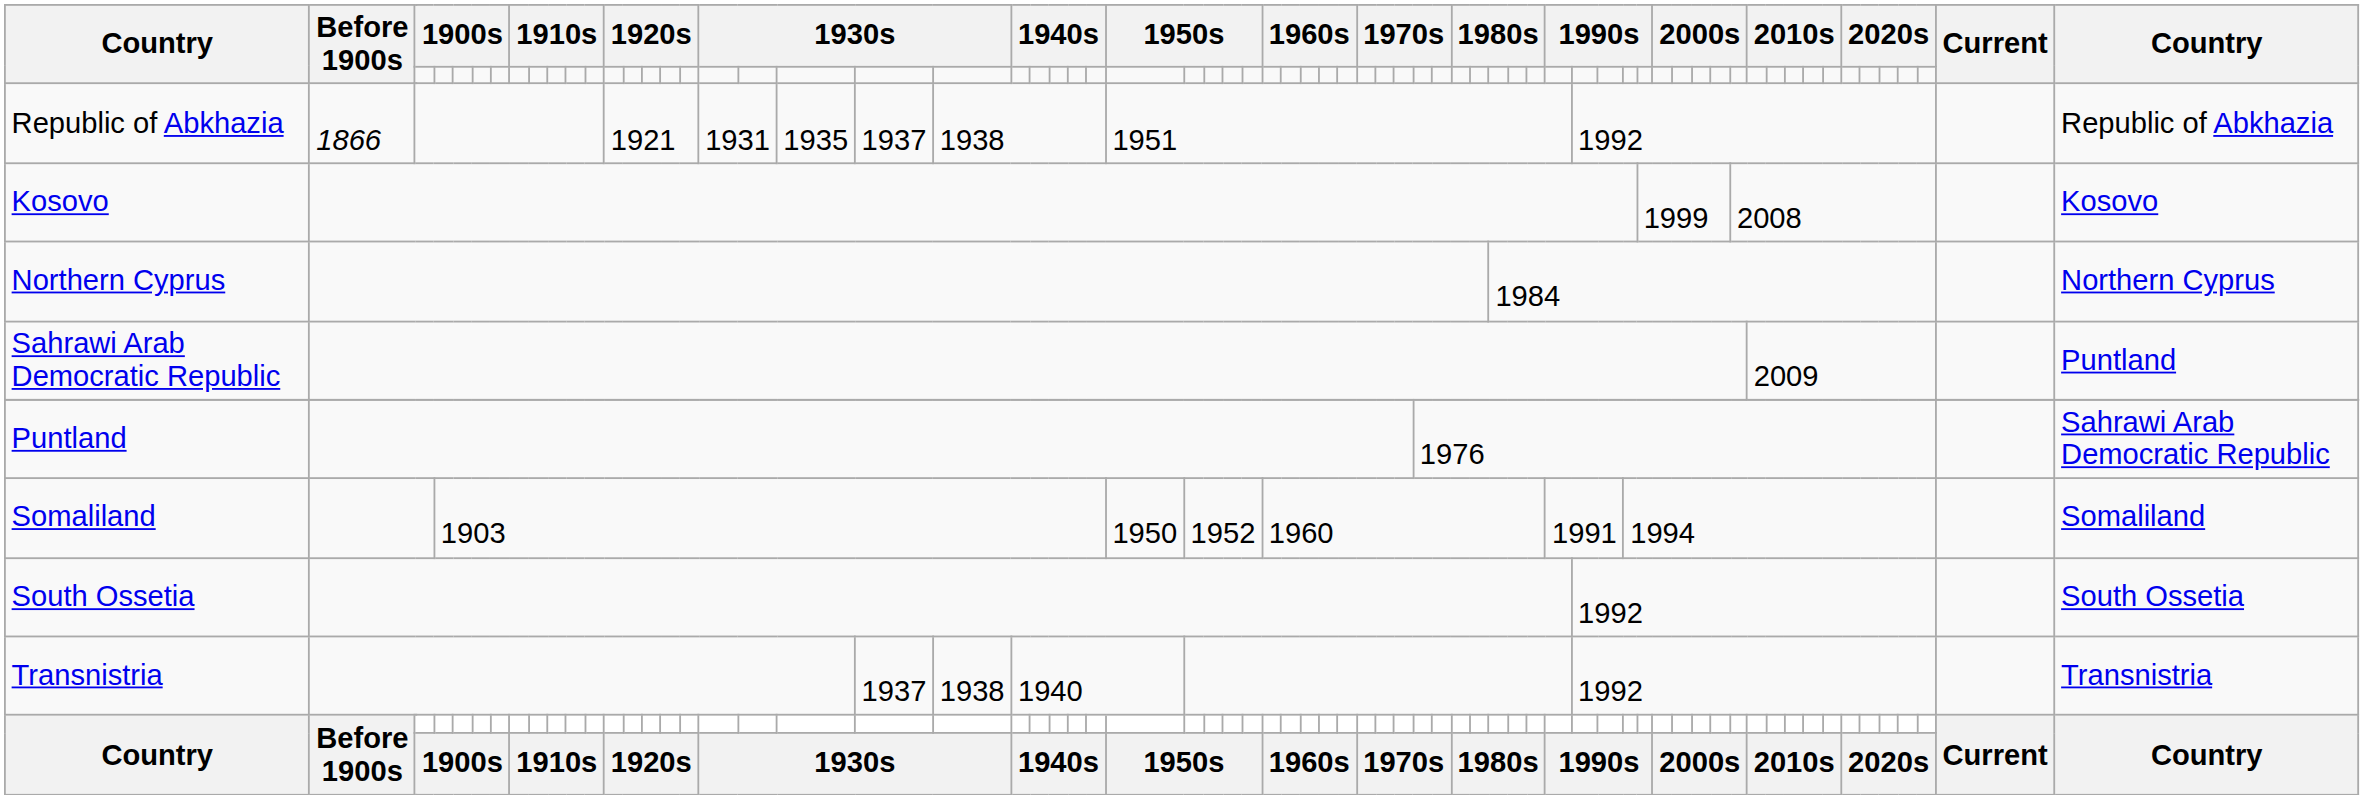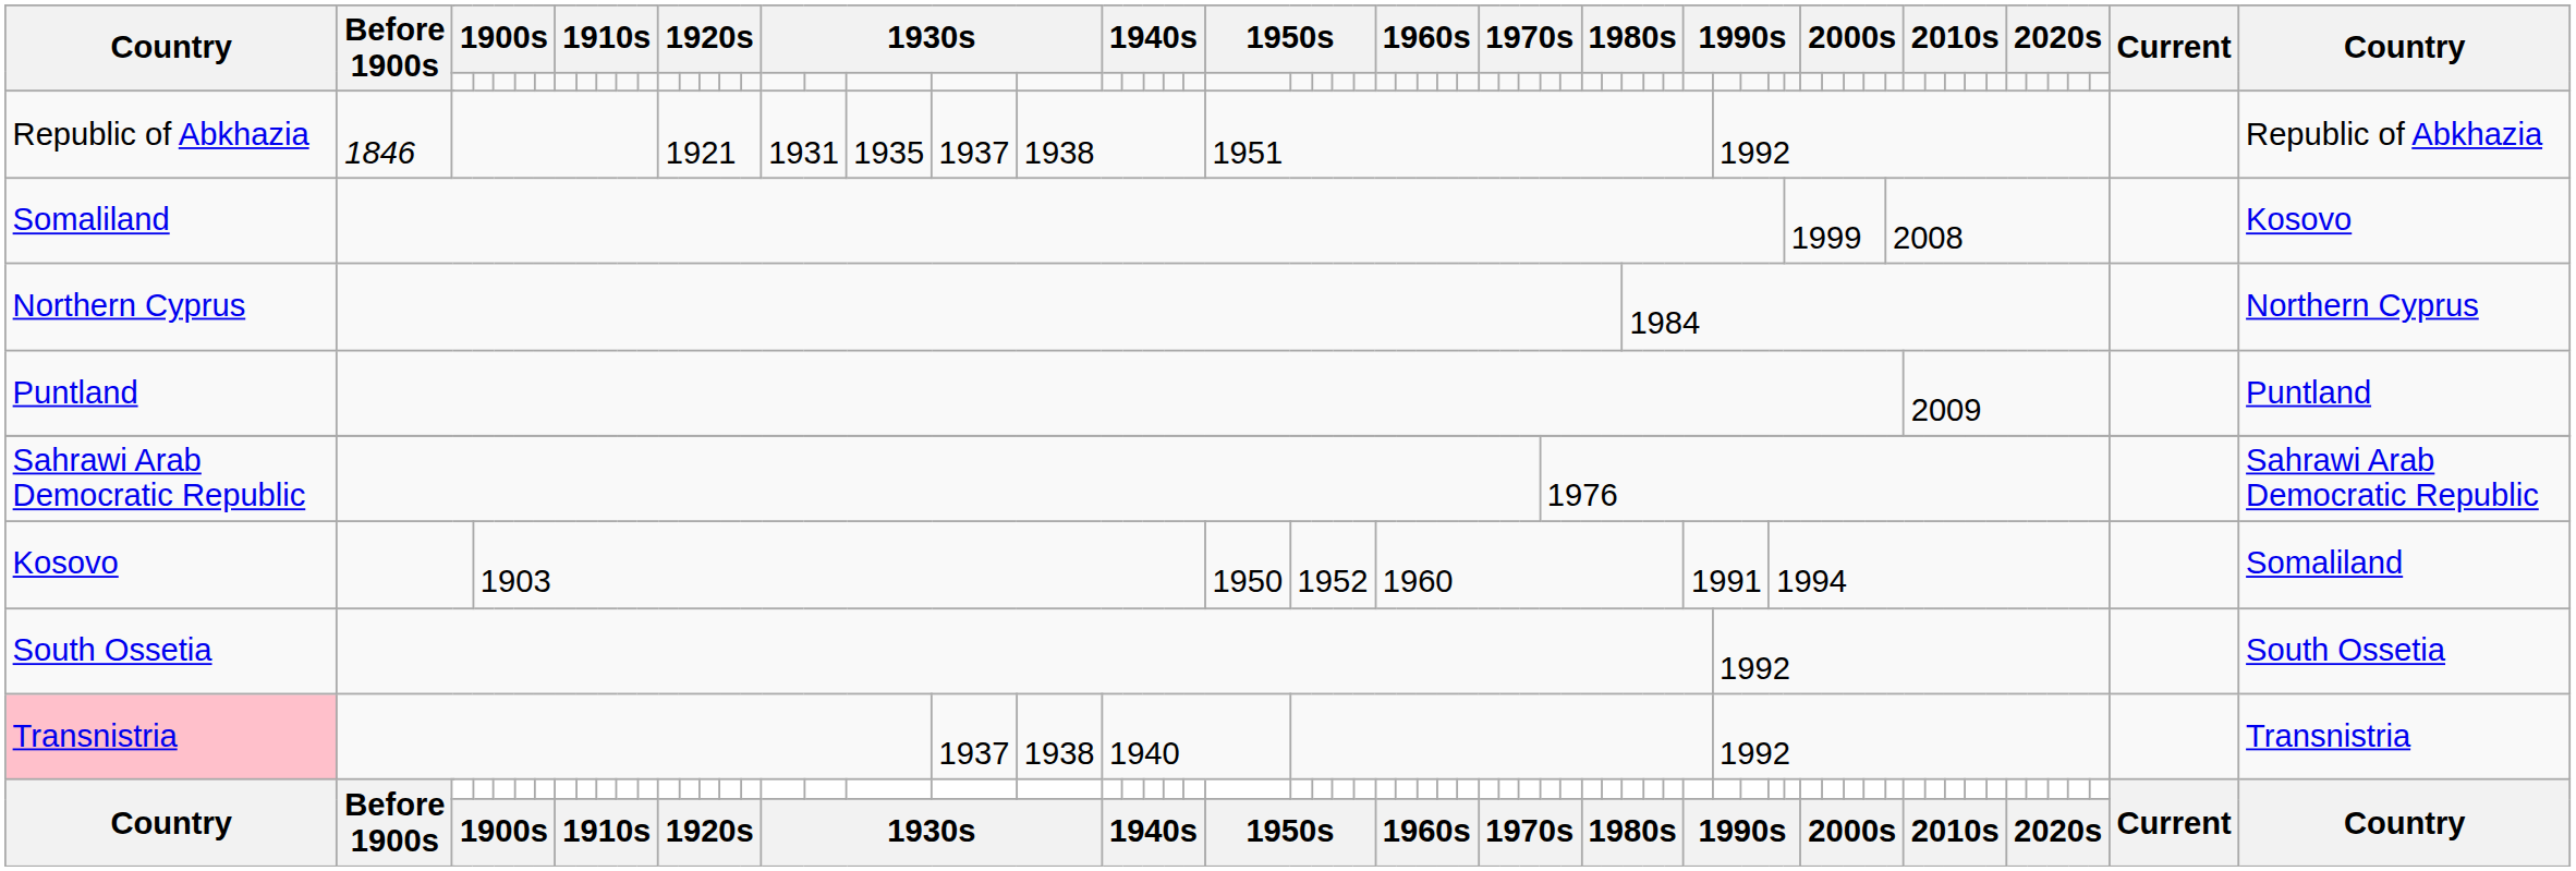 <table class="wikitable">
 <tr>
 <th rowspan=2>Country</th>
 <th rowspan=2 colspan=11>Before 1900s</th>
 <th colspan=5>1900s</th>
 <th colspan=5>1910s</th>
 <th colspan=5>1920s</th>
 <th colspan=5>1930s</th>
 <th colspan=5>1940s</th>
 <th colspan=5>1950s</th>
 <th colspan=5>1960s</th>
 <th colspan=5>1970s</th>
 <th colspan=5>1980s</th>
 <th colspan=5>1990s</th>
 <th colspan=5>2000s</th>
 <th colspan=5>2010s</th>
 <th colspan=5>2020s</th>
 <th rowspan=2>Current</th>
 <th rowspan=2>Country</th>
 </tr>
 <tr>
 <td></td>
 <td></td>
 <td></td>
 <td></td>
 <td></td>
 <td></td>
 <td></td>
 <td></td>
 <td></td>
 <td></td>
 <td></td>
 <td></td>
 <td></td>
 <td></td>
 <td></td>
 <td></td>
 <td></td>
 <td></td>
 <td></td>
 <td></td>
 <td></td>
 <td></td>
 <td></td>
 <td></td>
 <td></td>
 <td></td>
 <td></td>
 <td></td>
 <td></td>
 <td></td>
 <td></td>
 <td></td>
 <td></td>
 <td></td>
 <td></td>
 <td></td>
 <td></td>
 <td></td>
 <td></td>
 <td></td>
 <td></td>
 <td></td>
 <td></td>
 <td></td>
 <td></td>
 <td></td>
 <td></td>
 <td></td>
 <td></td>
 <td></td>
 <td></td>
 <td></td>
 <td></td>
 <td></td>
 <td></td>
 <td></td>
 <td></td>
 <td></td>
 <td></td>
 <td></td>
 <td></td>
 <td></td>
 <td></td>
 <td></td>
 <td></td>
 </tr>
 <tr>
 <td Flag of Abkhazia>Republic of <a href='#'>Abkhazia</a></td>
-<td colspan=1><em><br>1866</em></td>
+<td colspan=1><em><br>1846</em></td>
 <td colspan=20></td>
 <td colspan=5><br>1921</td>
 <td colspan=2><br>1931</td>
 <td colspan=1><br>1935</td>
 <td colspan=1><br>1937</td>
 <td colspan=6><br>1938</td>
 <td colspan=21><br>1951</td>
 <td colspan=19><br>1992</td>
 <td colspan=1></td>
 <td Flag of Abkhazia>Republic of <a href='#'>Abkhazia</a></td>
 </tr>
 <tr>
-<td><a href='#'>Kosovo</a></td>
+<td><a href='#'>Somaliland</a></td>
 <td colspan=60></td>
 <td colspan="5"><br>1999</td>
 <td colspan="11"><br>2008</td>
 <td></td>
 <td><a href='#'>Kosovo</a></td>
 </tr>
 <tr>
 <td><a href='#'>Northern Cyprus</a></td>
 <td colspan="53"></td>
 <td colspan=23><br>1984</td>
 <td></td>
 <td><a href='#'>Northern Cyprus</a></td>
 </tr>
 <tr>
-<td><a href='#'>Sahrawi Arab Democratic Republic</a></td>
+<td><a href='#'>Puntland</a></td>
 <td colspan=66></td>
 <td colspan="10"><br>2009</td>
 <td></td>
 <td><a href='#'>Puntland</a></td>
 </tr>
 <tr>
 </tr>
 <tr>
-<td><a href='#'>Puntland</a></td>
+<td><a href='#'>Sahrawi Arab Democratic Republic</a></td>
 <td colspan="49"></td>
 <td colspan="27"><br>1976</td>
 <td colspan="1"></td>
 <td><a href='#'>Sahrawi Arab Democratic Republic</a></td>
 </tr>
 <tr>
-<td><a href='#'>Somaliland</a></td>
+<td><a href='#'>Kosovo</a></td>
 <td colspan=12></td>
 <td colspan=24><br>1903</td>
 <td colspan=1><br>1950</td>
 <td colspan=4><br>1952</td>
 <td colspan=15><br>1960</td>
 <td colspan=3><br>1991</td>
 <td colspan=17><br>1994</td>
 <td></td>
 <td><a href='#'>Somaliland</a></td>
 </tr>
 <tr>
 <td><a href='#'>South Ossetia</a></td>
 <td colspan=57></td>
 <td colspan=19><br>1992</td>
 <td colspan=1></td>
 <td><a href='#'>South Ossetia</a></td>
 </tr>
 <tr>
-<td><a href='#'>Transnistria</a></td>
+<td style="background: pink;"><a href='#'>Transnistria</a></td>
 <td colspan=29></td>
 <td colspan=1><br>1937</td>
 <td colspan=1><br>1938</td>
 <td colspan=5 style="border-right: none;"><br>1940</td>
 <td colspan=1 style="border-left: none;"></td>
 <td colspan=20></td>
 <td colspan=19><br>1992</td>
 <td colspan=1></td>
 <td><a href='#'>Transnistria</a></td>
 </tr>
 <tr style="background:white">
 <th rowspan="2" style=min-width:10em>Country</th>
 <th rowspan=2 colspan=11>Before 1900s</th>
 <td></td>
 <td></td>
 <td></td>
 <td></td>
 <td></td>
 <td></td>
 <td></td>
 <td></td>
 <td></td>
 <td></td>
 <td></td>
 <td></td>
 <td></td>
 <td></td>
 <td></td>
 <td></td>
 <td></td>
 <td></td>
 <td></td>
 <td></td>
 <td></td>
 <td></td>
 <td></td>
 <td></td>
 <td></td>
 <td></td>
 <td></td>
 <td></td>
 <td></td>
 <td></td>
 <td></td>
 <td></td>
 <td></td>
 <td></td>
 <td></td>
 <td></td>
 <td></td>
 <td></td>
 <td></td>
 <td></td>
 <td></td>
 <td></td>
 <td></td>
 <td></td>
 <td></td>
 <td></td>
 <td></td>
 <td></td>
 <td></td>
 <td></td>
 <td></td>
 <td></td>
 <td></td>
 <td></td>
 <td></td>
 <td></td>
 <td></td>
 <td></td>
 <td></td>
 <td></td>
 <td></td>
 <td></td>
 <td></td>
 <td></td>
 <td></td>
 <th rowspan=2>Current</th>
 <th rowspan="2" style=min-width:10em>Country</th>
 </tr>
 <tr>
 <th colspan=5>1900s</th>
 <th colspan=5>1910s</th>
 <th colspan=5>1920s</th>
 <th colspan=5>1930s</th>
 <th colspan=5>1940s</th>
 <th colspan=5>1950s</th>
 <th colspan=5>1960s</th>
 <th colspan=5>1970s</th>
 <th colspan=5>1980s</th>
 <th colspan=5>1990s</th>
 <th colspan=5>2000s</th>
 <th colspan=5>2010s</th>
 <th colspan=5>2020s</th>
 </tr>
 </table>
